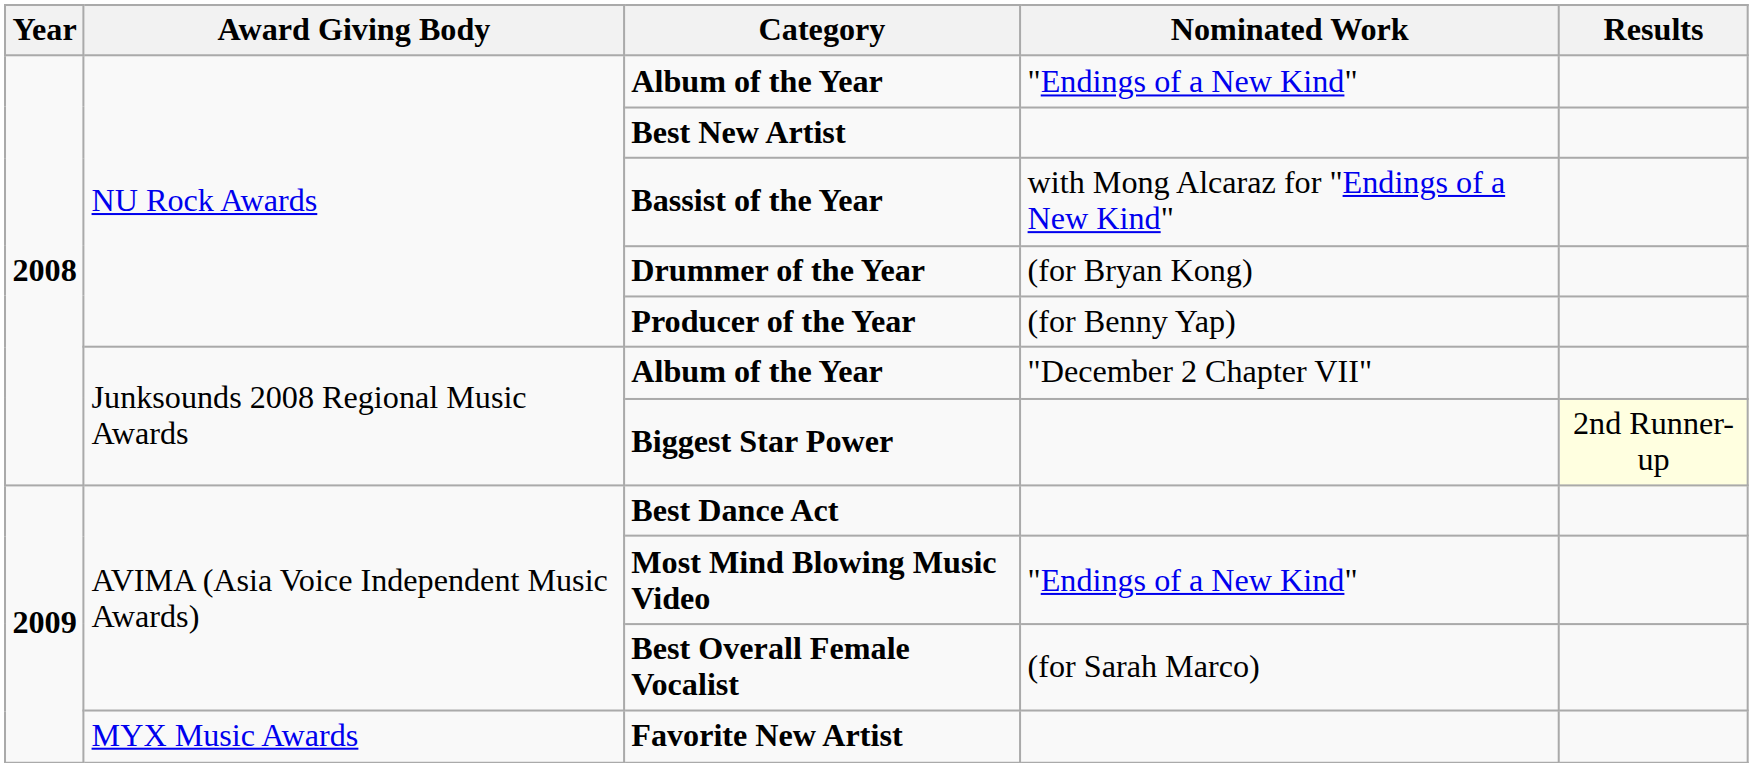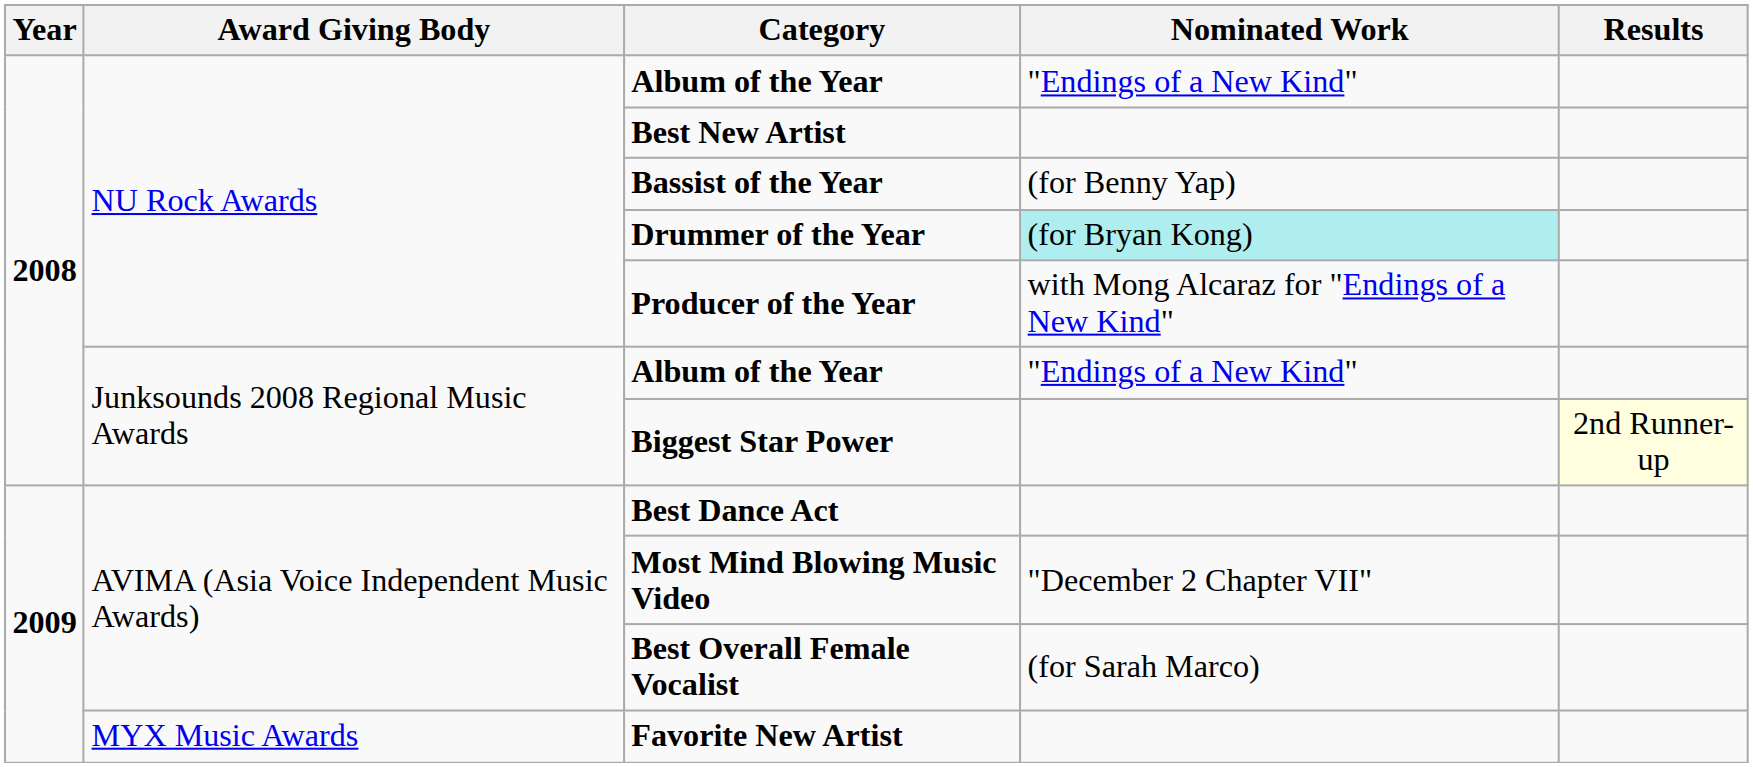 <table class="wikitable">
 <tr>
 <th>Year</th>
 <th>Award Giving Body</th>
 <th>Category</th>
 <th>Nominated Work</th>
 <th>Results</th>
 </tr>
 <tr>
 <td rowspan=7><strong>2008</strong></td>
 <td rowspan=5><a href='#'>NU Rock Awards</a></td>
 <td><strong>Album of the Year</strong></td>
 <td>"<a href='#'>Endings of a New Kind</a>"</td>
 <td></td>
 </tr>
 <tr>
 <td><strong>Best New Artist</strong></td>
 <td></td>
 <td></td>
 </tr>
 <tr>
 <td><strong>Bassist of the Year</strong></td>
-<td>with Mong Alcaraz for "<a href='#'>Endings of a New Kind</a>"</td>
+<td>(for Benny Yap)</td>
 <td></td>
 </tr>
 <tr>
 <td><strong>Drummer of the Year</strong></td>
-<td>(for Bryan Kong)</td>
+<td style="background: paleturquoise;">(for Bryan Kong)</td>
 <td></td>
 </tr>
 <tr>
 <td><strong>Producer of the Year</strong></td>
-<td>(for Benny Yap)</td>
+<td>with Mong Alcaraz for "<a href='#'>Endings of a New Kind</a>"</td>
 <td></td>
 </tr>
 <tr>
 <td rowspan=2>Junksounds 2008 Regional Music Awards</td>
 <td><strong>Album of the Year</strong></td>
-<td>"December 2 Chapter VII"</td>
+<td>"<a href='#'>Endings of a New Kind</a>"</td>
 <td></td>
 </tr>
 <tr>
 <td><strong>Biggest Star Power</strong></td>
 <td></td>
 <td style="background:lightyellow; text-align:center;">2nd Runner-up</td>
 </tr>
 <tr>
 <td rowspan=4><strong>2009</strong></td>
 <td rowspan=3>AVIMA (Asia Voice Independent Music Awards)</td>
 <td><strong>Best Dance Act</strong></td>
 <td></td>
 <td></td>
 </tr>
 <tr>
 <td><strong>Most Mind Blowing Music Video</strong></td>
-<td>"<a href='#'>Endings of a New Kind</a>"</td>
+<td>"December 2 Chapter VII"</td>
 <td></td>
 </tr>
 <tr>
 <td><strong>Best Overall Female Vocalist</strong></td>
 <td>(for Sarah Marco)</td>
 <td></td>
 </tr>
 <tr>
 <td><a href='#'>MYX Music Awards</a></td>
 <td><strong>Favorite New Artist</strong></td>
 <td></td>
 <td></td>
 </tr>
 </table>
